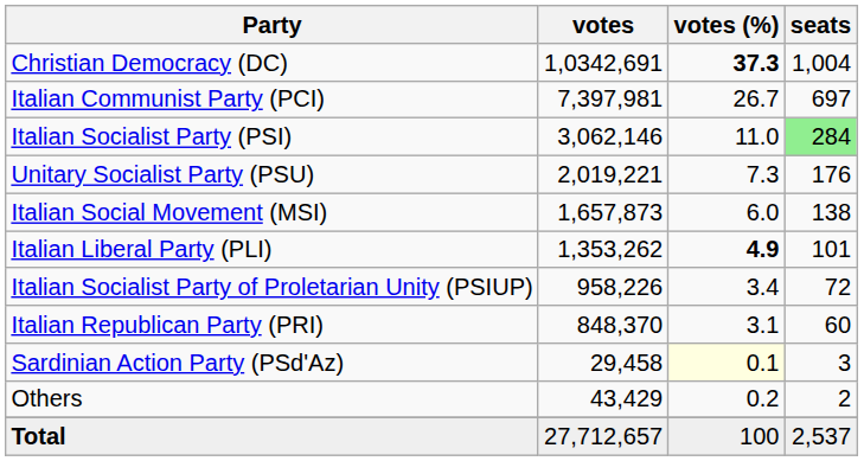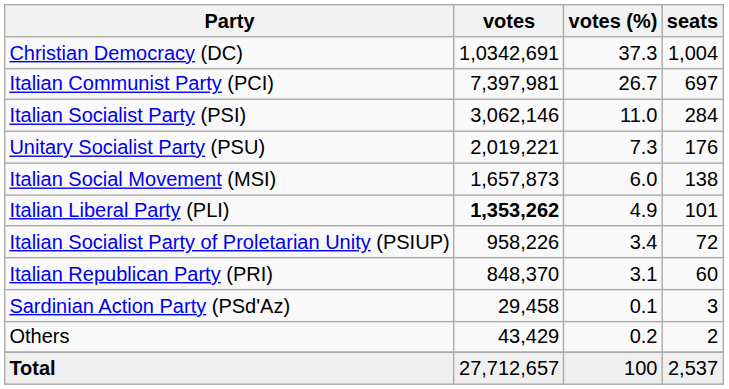 <table class="wikitable" style="font-size: 90%;">
 <tr bgcolor="EFEFEF">
 <th>Party</th>
 <th>votes</th>
 <th>votes (%)</th>
 <th>seats</th>
 </tr>
 <tr>
 <td><a href='#'>Christian Democracy</a> (DC)</td>
 <td align=right>1,0342,691</td>
-<td align=right><strong>37.3</strong></td>
+<td align=right>37.3</td>
 <td align=right>1,004</td>
 </tr>
 <tr>
 <td><a href='#'>Italian Communist Party</a> (PCI)</td>
 <td align=right>7,397,981</td>
 <td align=right>26.7</td>
 <td align=right>697</td>
 </tr>
 <tr>
 <td><a href='#'>Italian Socialist Party</a> (PSI)</td>
 <td align=right>3,062,146</td>
 <td align=right>11.0</td>
-<td align=right style="background: lightgreen;">284</td>
+<td align=right>284</td>
 </tr>
 <tr>
 <td><a href='#'>Unitary Socialist Party</a> (PSU)</td>
 <td align=right>2,019,221</td>
 <td align=right>7.3</td>
 <td align=right>176</td>
 </tr>
 <tr>
 <td><a href='#'>Italian Social Movement</a> (MSI)</td>
 <td align=right>1,657,873</td>
 <td align=right>6.0</td>
 <td align=right>138</td>
 </tr>
 <tr>
 <td><a href='#'>Italian Liberal Party</a> (PLI)</td>
-<td align=right>1,353,262</td>
-<td align=right><strong>4.9</strong></td>
+<td align=right><strong>1,353,262</strong></td>
+<td align=right>4.9</td>
 <td align=right>101</td>
 </tr>
 <tr>
 <td><a href='#'>Italian Socialist Party of Proletarian Unity</a> (PSIUP)</td>
 <td align=right>958,226</td>
 <td align=right>3.4</td>
 <td align=right>72</td>
 </tr>
 <tr>
 <td><a href='#'>Italian Republican Party</a> (PRI)</td>
 <td align=right>848,370</td>
 <td align=right>3.1</td>
 <td align=right>60</td>
 </tr>
 <tr>
 <td><a href='#'>Sardinian Action Party</a> (PSd'Az)</td>
 <td align=right>29,458</td>
-<td align=right style="background: lightyellow;">0.1</td>
+<td align=right>0.1</td>
 <td align=right>3</td>
 </tr>
 <tr>
 <td>Others</td>
 <td align=right>43,429</td>
 <td align=right>0.2</td>
 <td align=right>2</td>
 </tr>
 <tr>
 </tr>
 <tr bgcolor="EFEFEF">
 <td align=left><strong>Total</strong></td>
 <td align=right>27,712,657</td>
 <td align=right>100</td>
 <td align=right>2,537</td>
 </tr>
 </table>
